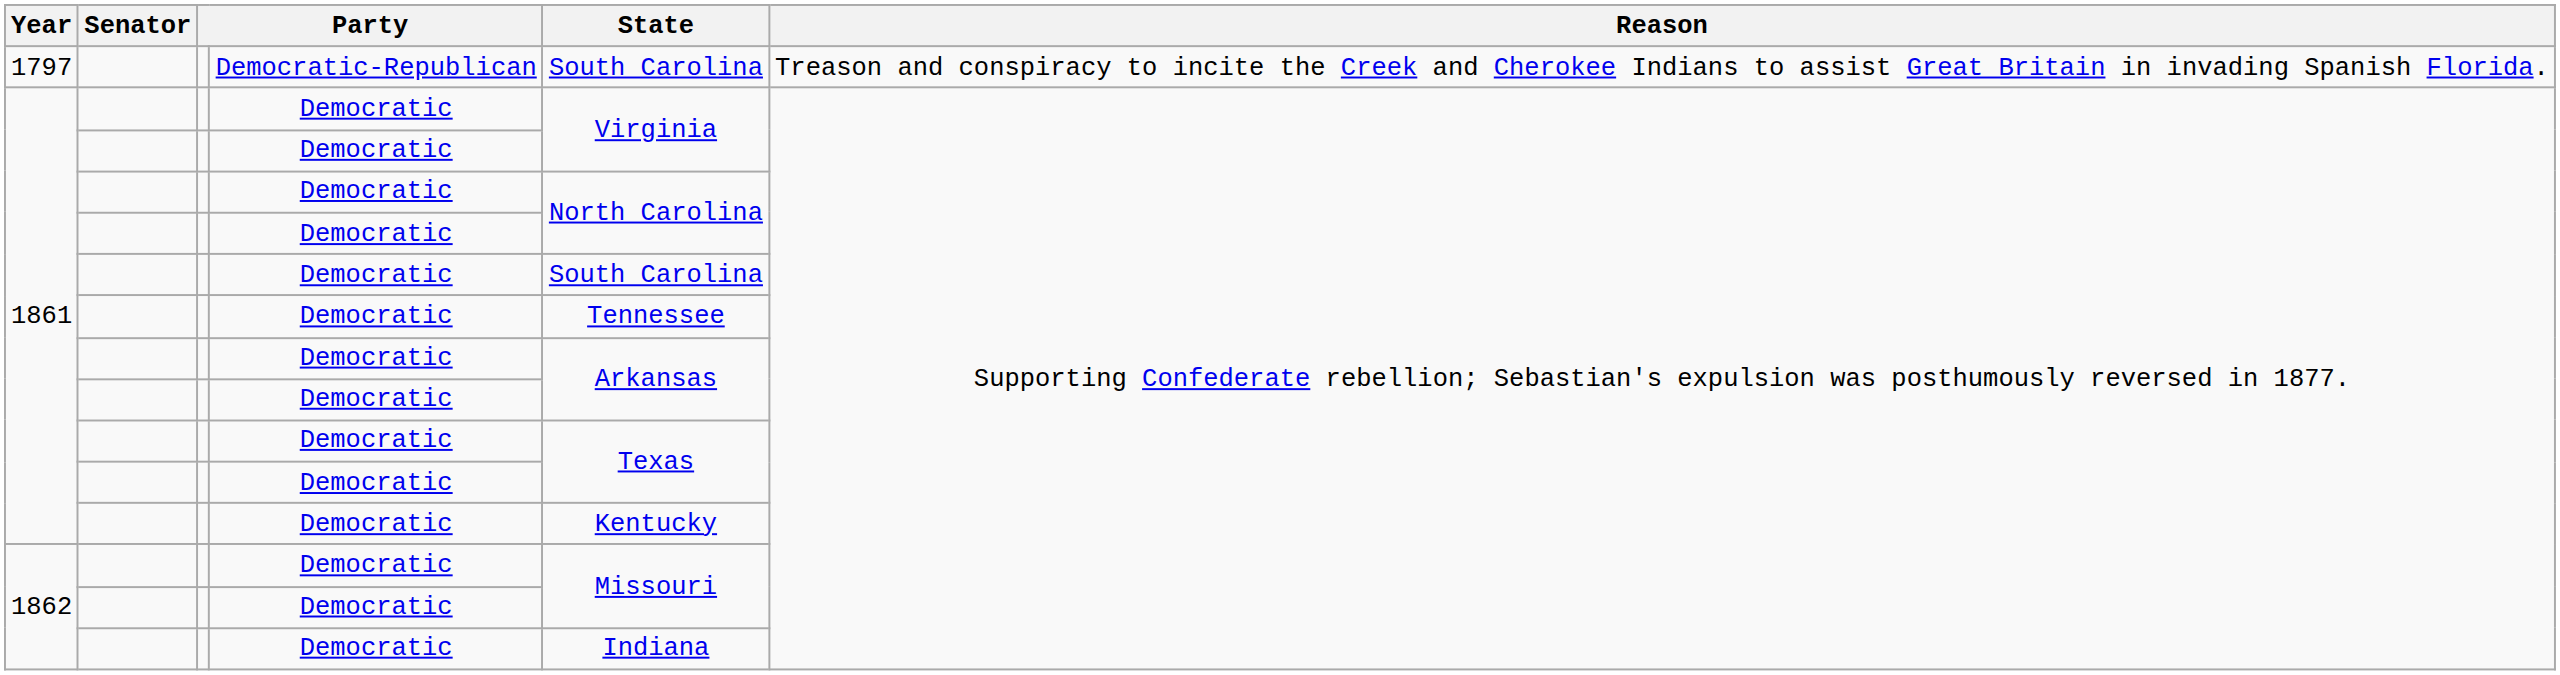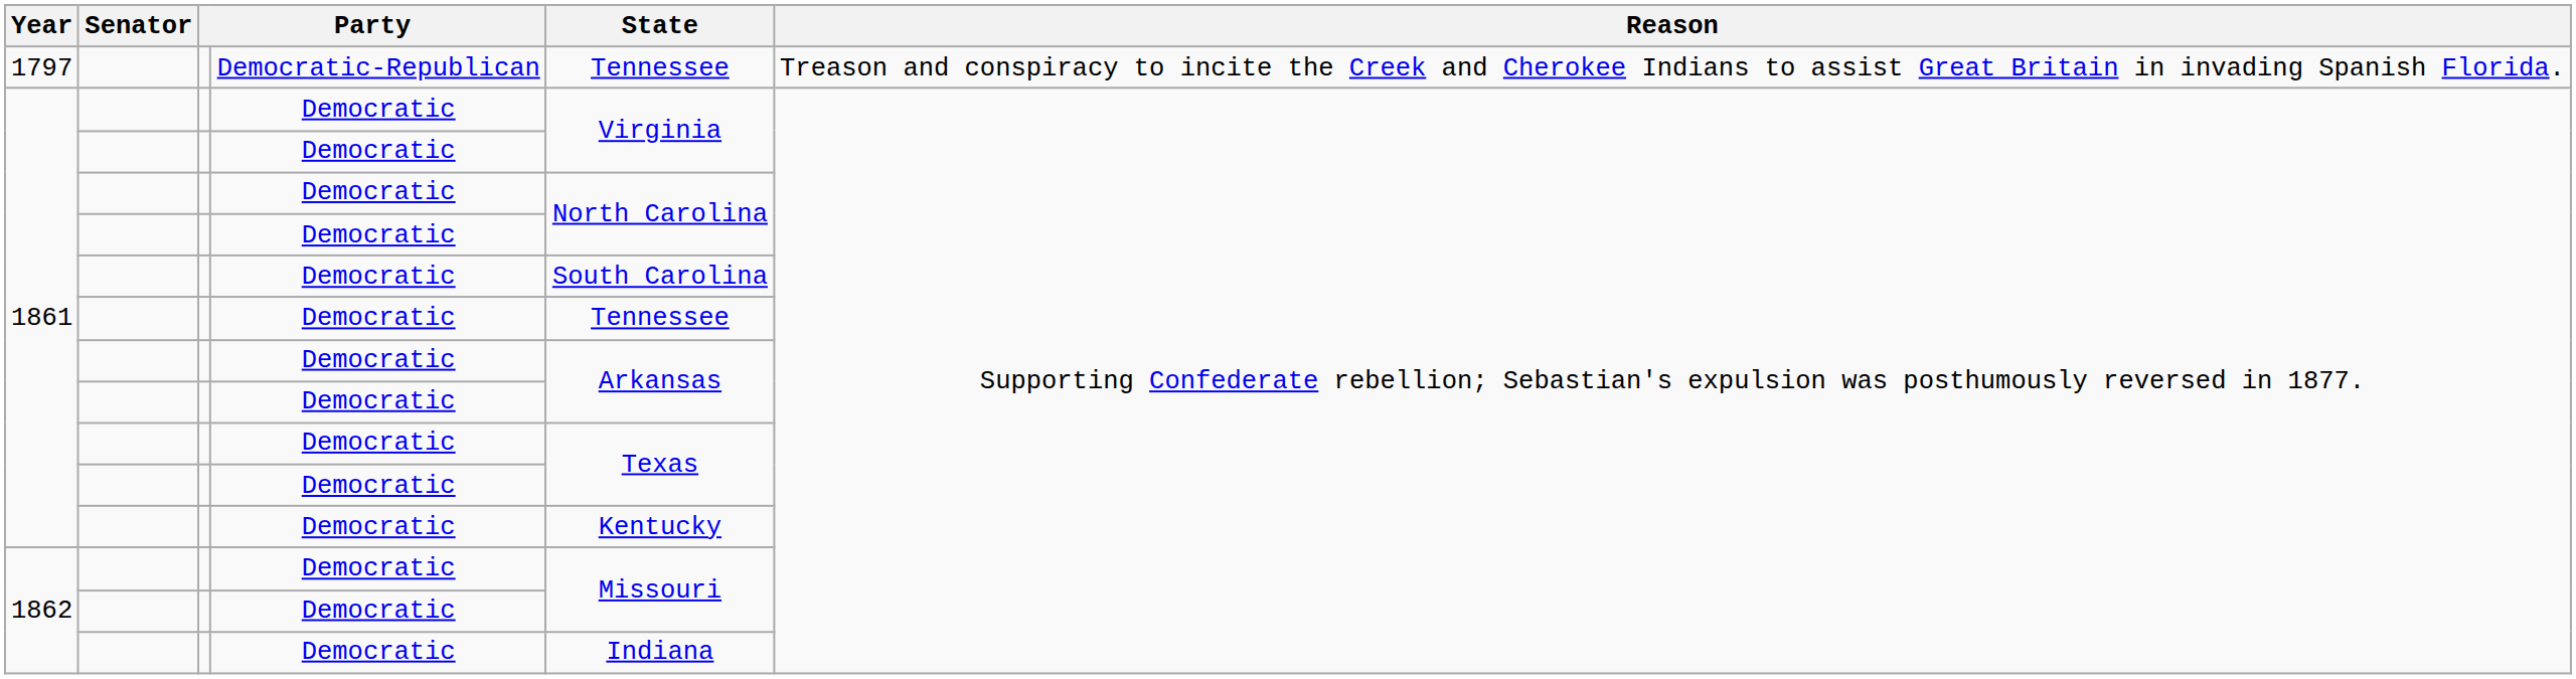 <table class="wikitable sortable" style="text-align:center">
 <tr>
 <th>Year</th>
 <th>Senator</th>
 <th colspan=2>Party</th>
 <th>State</th>
 <th>Reason</th>
 </tr>
 <tr>
 <td>1797</td>
 <td></td>
 <td style="background-color:"></td>
 <td><a href='#'>Democratic-Republican</a></td>
-<td nowrap><a href='#'>South Carolina</a></td>
+<td><a href='#'>Tennessee</a></td>
 <td>Treason and conspiracy to incite the <a href='#'>Creek</a> and <a href='#'>Cherokee</a> Indians to assist <a href='#'>Great Britain</a> in invading Spanish <a href='#'>Florida</a>.</td>
 </tr>
 <tr>
 <td rowspan=11>1861</td>
 <td></td>
 <td style="background-color:"></td>
 <td><a href='#'>Democratic</a></td>
 <td rowspan=2><a href='#'>Virginia</a></td>
 <td rowspan=14>Supporting <a href='#'>Confederate</a> rebellion; Sebastian's expulsion was posthumously reversed in 1877.</td>
 </tr>
 <tr>
 <td></td>
 <td style="background-color:"></td>
 <td><a href='#'>Democratic</a></td>
 </tr>
 <tr>
 <td></td>
 <td style="background-color:"></td>
 <td><a href='#'>Democratic</a></td>
 <td rowspan=2 nowrap><a href='#'>North Carolina</a></td>
 </tr>
 <tr>
 <td></td>
 <td style="background-color:"></td>
 <td><a href='#'>Democratic</a></td>
 </tr>
 <tr>
 <td></td>
 <td style="background-color:"></td>
 <td><a href='#'>Democratic</a></td>
 <td nowrap><a href='#'>South Carolina</a></td>
 </tr>
 <tr>
 <td></td>
 <td style="background-color:"></td>
 <td><a href='#'>Democratic</a></td>
 <td><a href='#'>Tennessee</a></td>
 </tr>
 <tr>
 <td></td>
 <td style="background-color:"></td>
 <td><a href='#'>Democratic</a></td>
 <td rowspan=2><a href='#'>Arkansas</a></td>
 </tr>
 <tr>
 <td></td>
 <td style="background-color:"></td>
 <td><a href='#'>Democratic</a></td>
 </tr>
 <tr>
 <td></td>
 <td style="background-color:"></td>
 <td><a href='#'>Democratic</a></td>
 <td rowspan=2><a href='#'>Texas</a></td>
 </tr>
 <tr>
 <td></td>
 <td style="background-color:"></td>
 <td><a href='#'>Democratic</a></td>
 </tr>
 <tr>
 <td></td>
 <td style="background-color:"></td>
 <td><a href='#'>Democratic</a></td>
 <td><a href='#'>Kentucky</a></td>
 </tr>
 <tr>
 <td rowspan=3>1862</td>
 <td></td>
 <td style="background-color:"></td>
 <td><a href='#'>Democratic</a></td>
 <td rowspan=2><a href='#'>Missouri</a></td>
 </tr>
 <tr>
 <td></td>
 <td style="background-color:"></td>
 <td><a href='#'>Democratic</a></td>
 </tr>
 <tr>
 <td></td>
 <td style="background-color:"></td>
 <td><a href='#'>Democratic</a></td>
 <td><a href='#'>Indiana</a></td>
 </tr>
 </table>
